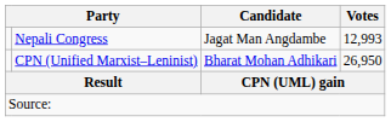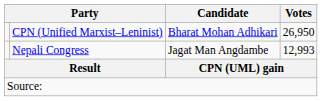 <table class="wikitable">
 <tr>
 <th colspan="2">Party</th>
 <th>Candidate</th>
 <th>Votes</th>
 </tr>
 <tr>
 <td style="background-color:"></td>
+<td><a href='#'>CPN (Unified Marxist–Leninist)</a></td>
+<td><a href='#'>Bharat Mohan Adhikari</a></td>
+<td>26,950</td>
+</tr>
+<tr>
+<td style="background-color:"></td>
 <td><a href='#'>Nepali Congress</a></td>
 <td>Jagat Man Angdambe</td>
 <td>12,993</td>
-</tr>
-<tr>
-<td style="background-color:"></td>
-<td><a href='#'>CPN (Unified Marxist–Leninist)</a></td>
-<td><a href='#'>Bharat Mohan Adhikari</a></td>
-<td>26,950</td>
 </tr>
 <tr>
 <th colspan="2">Result</th>
 <th colspan="2">CPN (UML) gain</th>
 </tr>
 <tr>
 <td colspan="4">Source: </td>
 </tr>
 </table>
